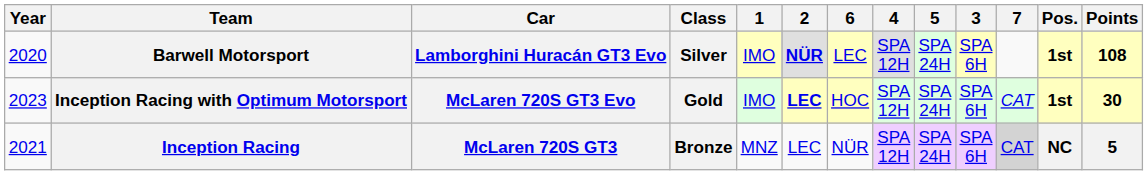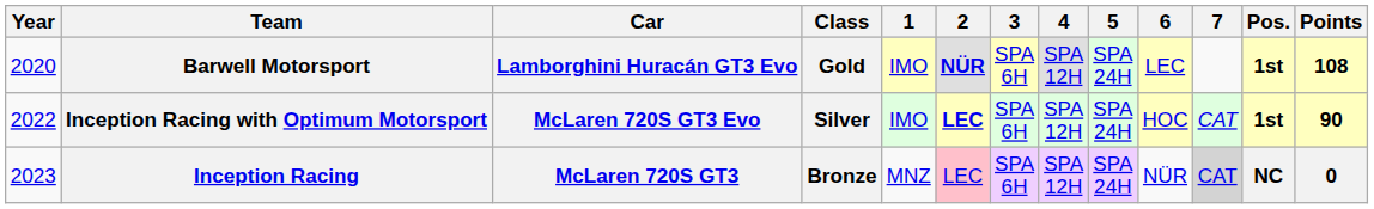 <table class="wikitable" border="1" style="text-align:center; font-size:85%;">
 <tr>
 <th>Year</th>
 <th>Team</th>
 <th>Car</th>
 <th>Class</th>
 <th>1</th>
 <th>2</th>
-<th>6</th>
+<th>3</th>
 <th>4</th>
 <th>5</th>
-<th>3</th>
+<th>6</th>
 <th>7</th>
 <th>Pos.</th>
 <th>Points</th>
 </tr>
 <tr>
 <td><a href='#'>2020</a></td>
 <th nowrap>Barwell Motorsport</th>
 <th nowrap><a href='#'>Lamborghini Huracán GT3 Evo</a></th>
-<th>Silver</th>
+<th>Gold</th>
 <td style="background:#FFFFBF;"><a href='#'>IMO</a><br></td>
 <td style="background:#dfdfdf;"><strong><a href='#'>NÜR</a></strong><br></td>
-<td style="background:#FFFFBF;"><a href='#'>LEC</a><br></td>
+<td style="background:#FFFFBF;"><a href='#'>SPA<br>6H</a><br></td>
 <td style="background:#dfdfdf;"><a href='#'>SPA<br>12H</a><br></td>
 <td style="background:#dfffdf;"><a href='#'>SPA<br>24H</a><br></td>
-<td style="background:#FFFFBF;"><a href='#'>SPA<br>6H</a><br></td>
+<td style="background:#FFFFBF;"><a href='#'>LEC</a><br></td>
 <td></td>
 <th style="background:#FFFFBF">1st</th>
 <th style="background:#FFFFBF">108</th>
 </tr>
 <tr>
-<td><a href='#'>2023</a></td>
+<td><a href='#'>2022</a></td>
 <th nowrap>Inception Racing with <a href='#'>Optimum Motorsport</a></th>
 <th><a href='#'>McLaren 720S GT3 Evo</a></th>
-<th>Gold</th>
+<th>Silver</th>
 <td style="background:#DFFFDF;"><a href='#'>IMO</a><br></td>
 <td style="background:#FFFFBF;"><strong><a href='#'>LEC</a></strong><br></td>
-<td style="background:#FFFFBF;"><a href='#'>HOC</a><br></td>
+<td style="background:#DFFFDF;"><a href='#'>SPA<br>6H</a><br></td>
 <td style="background:#DFFFDF;"><a href='#'>SPA<br>12H</a><br></td>
 <td style="background:#DFFFDF;"><a href='#'>SPA<br>24H</a><br></td>
-<td style="background:#DFFFDF;"><a href='#'>SPA<br>6H</a><br></td>
+<td style="background:#FFFFBF;"><a href='#'>HOC</a><br></td>
 <td style="background:#DFFFDF;"><em><a href='#'>CAT</a></em><br></td>
 <th style="background:#FFFFBF">1st</th>
-<th style="background:#FFFFBF">30</th>
+<th style="background:#FFFFBF">90</th>
 </tr>
 <tr>
-<td><a href='#'>2021</a></td>
+<td><a href='#'>2023</a></td>
 <th><a href='#'>Inception Racing</a></th>
 <th nowrap><a href='#'>McLaren 720S GT3</a></th>
 <th>Bronze</th>
 <td><a href='#'>MNZ</a></td>
-<td><a href='#'>LEC</a></td>
-<td><a href='#'>NÜR</a></td>
+<td style="background: pink;"><a href='#'>LEC</a></td>
+<td style="background:#efcfff;"><a href='#'>SPA<br>6H</a><br></td>
 <td style="background:#efcfff;"><a href='#'>SPA<br>12H</a><br></td>
 <td style="background:#efcfff;"><a href='#'>SPA<br>24H</a><br></td>
-<td style="background:#efcfff;"><a href='#'>SPA<br>6H</a><br></td>
+<td><a href='#'>NÜR</a></td>
 <td style="background: lightgrey;"><a href='#'>CAT</a></td>
 <th>NC</th>
-<th>5</th>
+<th>0</th>
 </tr>
 </table>
